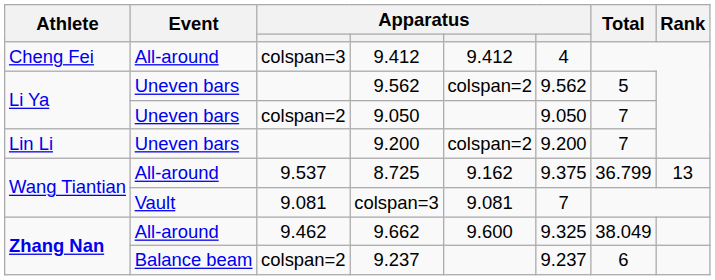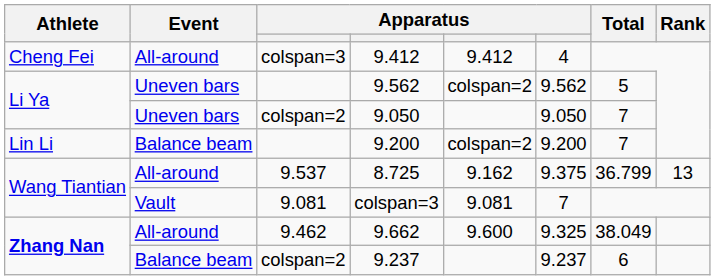 <table class="wikitable" style="font-size:90%">
 <tr>
 <th rowspan=2>Athlete</th>
 <th rowspan=2>Event</th>
 <th colspan =4>Apparatus</th>
 <th rowspan=2>Total</th>
 <th rowspan=2>Rank</th>
 </tr>
 <tr style="font-size:95%">
 <th></th>
 <th></th>
 <th></th>
 <th></th>
 </tr>
 <tr align=center>
 <td align=left><a href='#'>Cheng Fei</a></td>
 <td align=left><a href='#'>All-around</a></td>
 <td>colspan=3 </td>
 <td>9.412</td>
 <td>9.412</td>
 <td>4</td>
 </tr>
 <tr align=center>
 <td style="text-align:left;" rowspan="2"><a href='#'>Li Ya</a></td>
 <td align=left><a href='#'>Uneven bars</a></td>
 <td></td>
 <td>9.562</td>
 <td>colspan=2 </td>
 <td>9.562</td>
 <td>5</td>
 </tr>
 <tr align=center>
 <td align=left><a href='#'>Uneven bars</a></td>
 <td>colspan=2 </td>
 <td>9.050</td>
 <td></td>
 <td>9.050</td>
 <td>7</td>
 </tr>
 <tr align=center>
 <td align=left><a href='#'>Lin Li</a></td>
-<td align=left><a href='#'>Uneven bars</a></td>
+<td align=left><a href='#'>Balance beam</a></td>
 <td></td>
 <td>9.200</td>
 <td>colspan=2 </td>
 <td>9.200</td>
 <td>7</td>
 </tr>
 <tr align=center>
 <td style="text-align:left;" rowspan="2"><a href='#'>Wang Tiantian</a></td>
 <td align=left><a href='#'>All-around</a></td>
 <td>9.537</td>
 <td>8.725</td>
 <td>9.162</td>
 <td>9.375</td>
 <td>36.799</td>
 <td>13</td>
 </tr>
 <tr align=center>
 <td align=left><a href='#'>Vault</a></td>
 <td>9.081</td>
 <td>colspan=3 </td>
 <td>9.081</td>
 <td>7</td>
 </tr>
 <tr align=center>
 <td style="text-align:left;" rowspan="2"><strong><a href='#'>Zhang Nan</a></strong></td>
 <td align=left><a href='#'>All-around</a></td>
 <td>9.462</td>
 <td>9.662</td>
 <td>9.600</td>
 <td>9.325</td>
 <td>38.049</td>
 <td></td>
 </tr>
 <tr align=center>
 <td align=left><a href='#'>Balance beam</a></td>
 <td>colspan=2 </td>
 <td>9.237</td>
 <td></td>
 <td>9.237</td>
 <td>6</td>
 </tr>
 </table>
